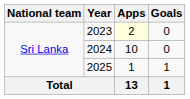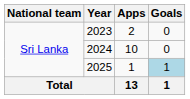 <table class="wikitable" style="text-align:center">
 <tr>
 <th>National team</th>
 <th>Year</th>
 <th>Apps</th>
 <th>Goals</th>
 </tr>
 <tr>
 <td rowspan="3"><a href='#'>Sri Lanka</a></td>
 <td>2023</td>
-<td style="background: lightyellow;">2</td>
+<td>2</td>
 <td>0</td>
 </tr>
 <tr>
 <td>2024</td>
 <td>10</td>
 <td>0</td>
 </tr>
 <tr>
 <td>2025</td>
 <td>1</td>
-<td>1</td>
+<td style="background: lightblue;">1</td>
 </tr>
 <tr>
 <th colspan="2">Total</th>
 <th>13</th>
 <th>1</th>
 </tr>
 </table>
